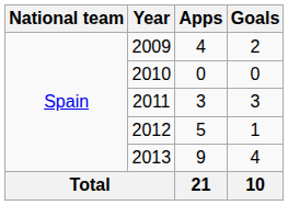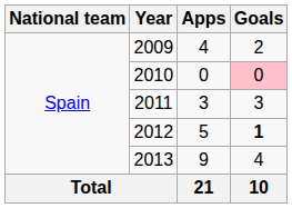 <table class="wikitable" style="text-align:center">
 <tr>
 <th>National team</th>
 <th>Year</th>
 <th>Apps</th>
 <th>Goals</th>
 </tr>
 <tr>
 <td rowspan="5"><a href='#'>Spain</a></td>
 <td>2009</td>
 <td>4</td>
 <td>2</td>
 </tr>
 <tr>
 <td>2010</td>
 <td>0</td>
-<td>0</td>
+<td style="background: pink;">0</td>
 </tr>
 <tr>
 <td>2011</td>
 <td>3</td>
 <td>3</td>
 </tr>
 <tr>
 <td>2012</td>
 <td>5</td>
-<td>1</td>
+<td><strong>1</strong></td>
 </tr>
 <tr>
 <td>2013</td>
 <td>9</td>
 <td>4</td>
 </tr>
 <tr>
 <th colspan="2">Total</th>
 <th>21</th>
 <th>10</th>
 </tr>
 </table>
